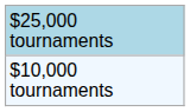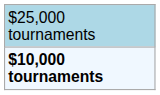 <table class="wikitable" style="font-size:90%;" width=11%>
 <tr bgcolor=lightblue>
 <td>$25,000 tournaments</td>
 </tr>
 <tr bgcolor="#f0f8ff">
-<td>$10,000 tournaments</td>
+<td><strong>$10,000 tournaments</strong></td>
 </tr>
 </table>
